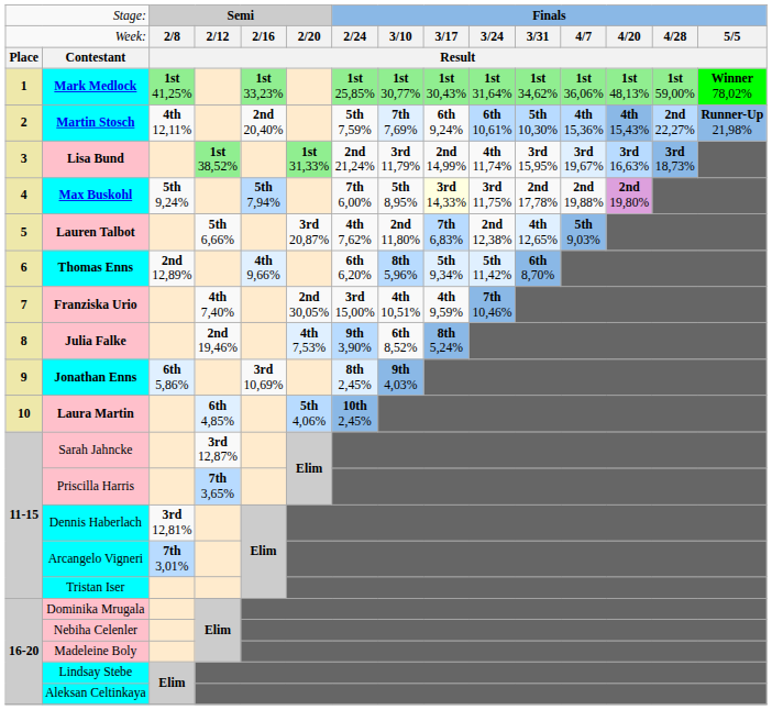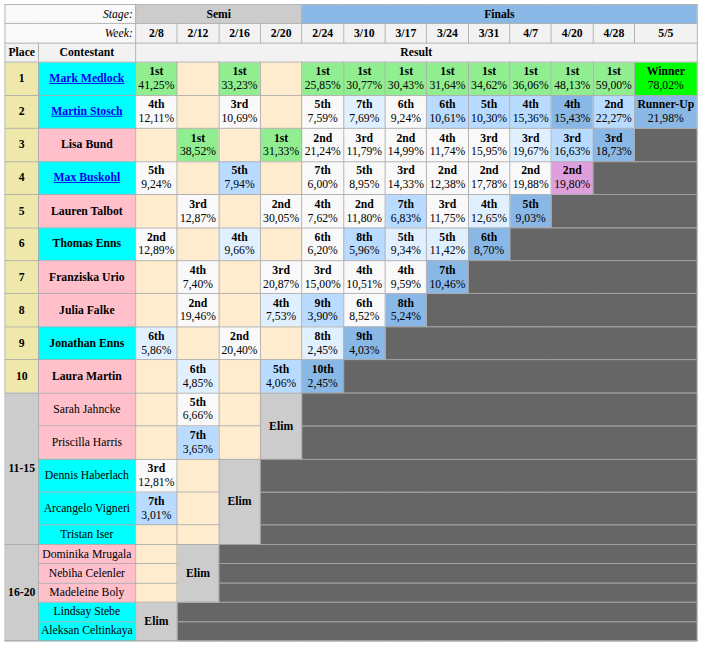 <table class="wikitable" style="text-align:center; font-size:85%; margin:1em auto;">
 <tr>
 <td style="text-align:right;" colspan="2"><em>Stage:</em></td>
 <td style="background:#ccc;" colspan="4"><strong>Semi</strong></td>
 <td style="background:#8ab8e6;" colspan="9"><strong>Finals</strong></td>
 </tr>
 <tr>
 <td style="text-align:right;" colspan="2"><em>Week:</em></td>
 <th>2/8</th>
 <th>2/12</th>
 <th>2/16</th>
 <th>2/20</th>
 <th>2/24</th>
 <th>3/10</th>
 <th>3/17</th>
 <th>3/24</th>
 <th>3/31</th>
 <th>4/7</th>
 <th>4/20</th>
 <th>4/28</th>
 <th>5/5</th>
 </tr>
 <tr>
 <th>Place</th>
 <th>Contestant</th>
 <th colspan="13" align="center">Result</th>
 </tr>
 <tr>
 <td align="center" bgcolor="palegoldenrod"><strong>1</strong></td>
 <td bgcolor="cyan"><strong><a href='#'>Mark Medlock</a></strong></td>
 <td style="background:lightgreen;"><strong>1st</strong><br>41,25%</td>
 <td bgcolor="#FFEBCD"></td>
 <td style="background:lightgreen;"><strong>1st</strong><br>33,23%</td>
 <td bgcolor="#FFEBCD"></td>
 <td style="background:lightgreen;"><strong>1st</strong><br>25,85%</td>
 <td style="background:lightgreen;"><strong>1st</strong><br>30,77%</td>
 <td style="background:lightgreen;"><strong>1st</strong><br>30,43%</td>
 <td style="background:lightgreen;"><strong>1st</strong><br>31,64%</td>
 <td style="background:lightgreen;"><strong>1st</strong><br>34,62%</td>
 <td style="background:lightgreen;"><strong>1st</strong><br>36,06%</td>
 <td style="background:lightgreen;"><strong>1st</strong><br>48,13%</td>
 <td style="background:lightgreen;"><strong>1st</strong><br>59,00%</td>
 <td bgcolor="lime" align="center"><strong>Winner</strong><br>78,02%</td>
 </tr>
 <tr>
 <td align="center" bgcolor="palegoldenrod"><strong>2</strong></td>
 <td bgcolor="cyan"><strong><a href='#'>Martin Stosch</a></strong></td>
 <td><strong>4th</strong><br>12,11%</td>
 <td bgcolor="#FFEBCD"></td>
-<td><strong>2nd</strong><br>20,40%</td>
+<td><strong>3rd</strong><br>10,69%</td>
 <td bgcolor="#FFEBCD"></td>
 <td><strong>5th</strong><br>7,59%</td>
 <td style="background:#e0f0ff;"><strong>7th</strong><br>7,69%</td>
 <td><strong>6th</strong><br>9,24%</td>
 <td style="background:#b8dbff;"><strong>6th</strong><br>10,61%</td>
 <td style="background:#b8dbff;"><strong>5th</strong><br>10,30%</td>
 <td style="background:#b8dbff;"><strong>4th</strong><br>15,36%</td>
 <td style="background:#8ab8e6;"><strong>4th</strong><br>15,43%</td>
 <td style="background:#b8dbff;"><strong>2nd</strong><br>22,27%</td>
 <td style="background:#8ab8e6;"><strong>Runner-Up</strong><br>21,98%</td>
 </tr>
 <tr>
 <td align="center" bgcolor="palegoldenrod"><strong>3</strong></td>
 <td bgcolor="pink"><strong>Lisa Bund</strong></td>
 <td bgcolor="#FFEBCD"></td>
 <td style="background:lightgreen;"><strong>1st</strong><br>38,52%</td>
 <td bgcolor="#FFEBCD"></td>
 <td style="background:lightgreen;"><strong>1st</strong><br>31,33%</td>
 <td><strong>2nd</strong><br>21,24%</td>
 <td><strong>3rd</strong><br>11,79%</td>
 <td><strong>2nd</strong><br>14,99%</td>
 <td><strong>4th</strong><br>11,74%</td>
 <td><strong>3rd</strong><br>15,95%</td>
 <td style="background:#e0f0ff;"><strong>3rd</strong><br>19,67%</td>
 <td style="background:#b8dbff;"><strong>3rd</strong><br>16,63%</td>
 <td style="background:#8ab8e6;"><strong>3rd</strong><br>18,73%</td>
 <td bgcolor="666666"></td>
 </tr>
 <tr>
 <td align="center" bgcolor="palegoldenrod"><strong>4</strong></td>
 <td bgcolor="cyan"><strong><a href='#'>Max Buskohl</a></strong></td>
 <td><strong>5th</strong><br>9,24%</td>
 <td bgcolor="#FFEBCD"></td>
 <td style="background:#b8dbff;"><strong>5th</strong><br>7,94%</td>
 <td bgcolor="#FFEBCD"></td>
 <td><strong>7th</strong><br>6,00%</td>
 <td><strong>5th</strong><br>8,95%</td>
-<td style="background: lightyellow;"><strong>3rd</strong><br>14,33%</td>
-<td><strong>3rd</strong><br>11,75%</td>
+<td><strong>3rd</strong><br>14,33%</td>
+<td><strong>2nd</strong><br>12,38%</td>
 <td><strong>2nd</strong><br>17,78%</td>
 <td><strong>2nd</strong><br>19,88%</td>
 <td style="background:#DDA0DD;"><strong>2nd</strong><br>19,80%</td>
 <td colspan="2" bgcolor="666666"></td>
 </tr>
 <tr>
 <td align="center" bgcolor="palegoldenrod"><strong>5</strong></td>
 <td bgcolor="pink"><strong>Lauren Talbot</strong></td>
 <td bgcolor="#FFEBCD"></td>
-<td><strong>5th</strong><br>6,66%</td>
+<td><strong>3rd</strong><br>12,87%</td>
 <td bgcolor="#FFEBCD"></td>
-<td><strong>3rd</strong><br>20,87%</td>
+<td><strong>2nd</strong><br>30,05%</td>
 <td><strong>4th</strong><br>7,62%</td>
 <td><strong>2nd</strong><br>11,80%</td>
 <td style="background:#b8dbff;"><strong>7th</strong><br>6,83%</td>
-<td><strong>2nd</strong><br>12,38%</td>
+<td><strong>3rd</strong><br>11,75%</td>
 <td style="background:#e0f0ff;"><strong>4th</strong><br>12,65%</td>
 <td style="background:#8ab8e6;"><strong>5th</strong><br>9,03%</td>
 <td colspan="3" bgcolor="666666"></td>
 </tr>
 <tr>
 <td align="center" bgcolor="palegoldenrod"><strong>6</strong></td>
 <td bgcolor="cyan"><strong>Thomas Enns</strong></td>
 <td><strong>2nd</strong><br>12,89%</td>
 <td bgcolor="#FFEBCD"></td>
 <td style="background:#e0f0ff;"><strong>4th</strong><br>9,66%</td>
 <td bgcolor="#FFEBCD"></td>
 <td><strong>6th</strong><br>6,20%</td>
 <td style="background:#b8dbff;"><strong>8th</strong><br>5,96%</td>
 <td style="background:#e0f0ff;"><strong>5th</strong><br>9,34%</td>
 <td style="background:#e0f0ff;"><strong>5th</strong><br>11,42%</td>
 <td style="background:#8ab8e6;"><strong>6th</strong><br>8,70%</td>
 <td colspan="4" bgcolor="666666"></td>
 </tr>
 <tr>
 <td align="center" bgcolor="palegoldenrod"><strong>7</strong></td>
 <td bgcolor="pink"><strong>Franziska Urio</strong></td>
 <td bgcolor="#FFEBCD"></td>
 <td><strong>4th</strong><br>7,40%</td>
 <td bgcolor="#FFEBCD"></td>
-<td><strong>2nd</strong><br>30,05%</td>
+<td><strong>3rd</strong><br>20,87%</td>
 <td><strong>3rd</strong><br>15,00%</td>
 <td><strong>4th</strong><br>10,51%</td>
 <td><strong>4th</strong><br>9,59%</td>
 <td style="background:#8ab8e6;"><strong>7th</strong><br>10,46%</td>
 <td colspan="5" bgcolor="666666"></td>
 </tr>
 <tr>
 <td align="center" bgcolor="palegoldenrod"><strong>8</strong></td>
 <td bgcolor="pink"><strong>Julia Falke</strong></td>
 <td bgcolor="#FFEBCD"></td>
 <td><strong>2nd</strong><br>19,46%</td>
 <td bgcolor="#FFEBCD"></td>
 <td style="background:#e0f0ff;"><strong>4th</strong><br>7,53%</td>
 <td style="background:#b8dbff;"><strong>9th</strong><br>3,90%</td>
 <td><strong>6th</strong><br>8,52%</td>
 <td style="background:#8ab8e6;"><strong>8th</strong><br>5,24%</td>
 <td colspan="6" bgcolor="666666"></td>
 </tr>
 <tr>
 <td align="center" bgcolor="palegoldenrod"><strong>9</strong></td>
 <td bgcolor="cyan"><strong>Jonathan Enns</strong></td>
 <td style="background:#e0f0ff;"><strong>6th</strong><br>5,86%</td>
 <td bgcolor="#FFEBCD"></td>
-<td><strong>3rd</strong><br>10,69%</td>
+<td><strong>2nd</strong><br>20,40%</td>
 <td bgcolor="#FFEBCD"></td>
 <td style="background:#e0f0ff;"><strong>8th</strong><br>2,45%</td>
 <td style="background:#8ab8e6;"><strong>9th</strong><br>4,03%</td>
 <td colspan="7" bgcolor="666666"></td>
 </tr>
 <tr>
 <td align="center" bgcolor="palegoldenrod"><strong>10</strong></td>
 <td bgcolor="pink"><strong>Laura Martin</strong></td>
 <td bgcolor="#FFEBCD"></td>
 <td style="background:#e0f0ff;"><strong>6th</strong><br>4,85%</td>
 <td bgcolor="#FFEBCD"></td>
 <td style="background:#b8dbff;"><strong>5th</strong><br>4,06%</td>
 <td style="background:#8ab8e6;"><strong>10th</strong><br>2,45%</td>
 <td colspan="8" bgcolor="666666"></td>
 </tr>
 <tr>
 <td align="center" bgcolor="CCCCCC" rowspan="5"><strong>11-15</strong></td>
 <td bgcolor="pink">Sarah Jahncke</td>
 <td bgcolor="#FFEBCD"></td>
-<td><strong>3rd</strong><br>12,87%</td>
+<td><strong>5th</strong><br>6,66%</td>
 <td bgcolor="#FFEBCD"></td>
 <td bgcolor="#CCCCCC" rowspan="2"><strong>Elim</strong></td>
 <td colspan="9" bgcolor="666666"></td>
 </tr>
 <tr>
 <td bgcolor="pink">Priscilla Harris</td>
 <td bgcolor="#FFEBCD"></td>
 <td style="background:#b8dbff;"><strong>7th</strong><br>3,65%</td>
 <td bgcolor="#FFEBCD"></td>
 <td colspan="9" bgcolor="666666"></td>
 </tr>
 <tr>
 <td bgcolor="cyan">Dennis Haberlach</td>
 <td><strong>3rd</strong><br>12,81%</td>
 <td bgcolor="#FFEBCD"></td>
 <td bgcolor="#CCCCCC" rowspan="3"><strong>Elim</strong></td>
 <td colspan="10" bgcolor="666666"></td>
 </tr>
 <tr>
 <td bgcolor="cyan">Arcangelo Vigneri</td>
 <td style="background:#b8dbff;"><strong>7th</strong><br>3,01%</td>
 <td bgcolor="#FFEBCD"></td>
 <td colspan="10" bgcolor="666666"></td>
 </tr>
 <tr>
 <td bgcolor="cyan">Tristan Iser</td>
 <td bgcolor="#FFEBCD"></td>
 <td bgcolor="#FFEBCD"></td>
 <td colspan="10" bgcolor="666666"></td>
 </tr>
 <tr>
 <td align="center" bgcolor="CCCCCC" rowspan="5"><strong>16-20</strong></td>
 <td bgcolor="pink">Dominika Mrugala</td>
 <td bgcolor="#FFEBCD"></td>
 <td bgcolor="#CCCCCC" rowspan="3"><strong>Elim</strong></td>
 <td colspan="11" bgcolor="666666"></td>
 </tr>
 <tr>
 <td bgcolor="pink">Nebiha Celenler</td>
 <td bgcolor="#FFEBCD"></td>
 <td colspan="11" bgcolor="666666"></td>
 </tr>
 <tr>
 <td bgcolor="pink">Madeleine Boly</td>
 <td bgcolor="#FFEBCD"></td>
 <td colspan="11" bgcolor="666666"></td>
 </tr>
 <tr>
 <td bgcolor="cyan">Lindsay Stebe</td>
 <td bgcolor="#CCCCCC" rowspan="2"><strong>Elim</strong></td>
 <td colspan="12" bgcolor="666666"></td>
 </tr>
 <tr>
 <td bgcolor="cyan">Aleksan Celtinkaya</td>
 <td colspan="12" bgcolor="666666"></td>
 </tr>
 <tr>
 </tr>
 </table>
